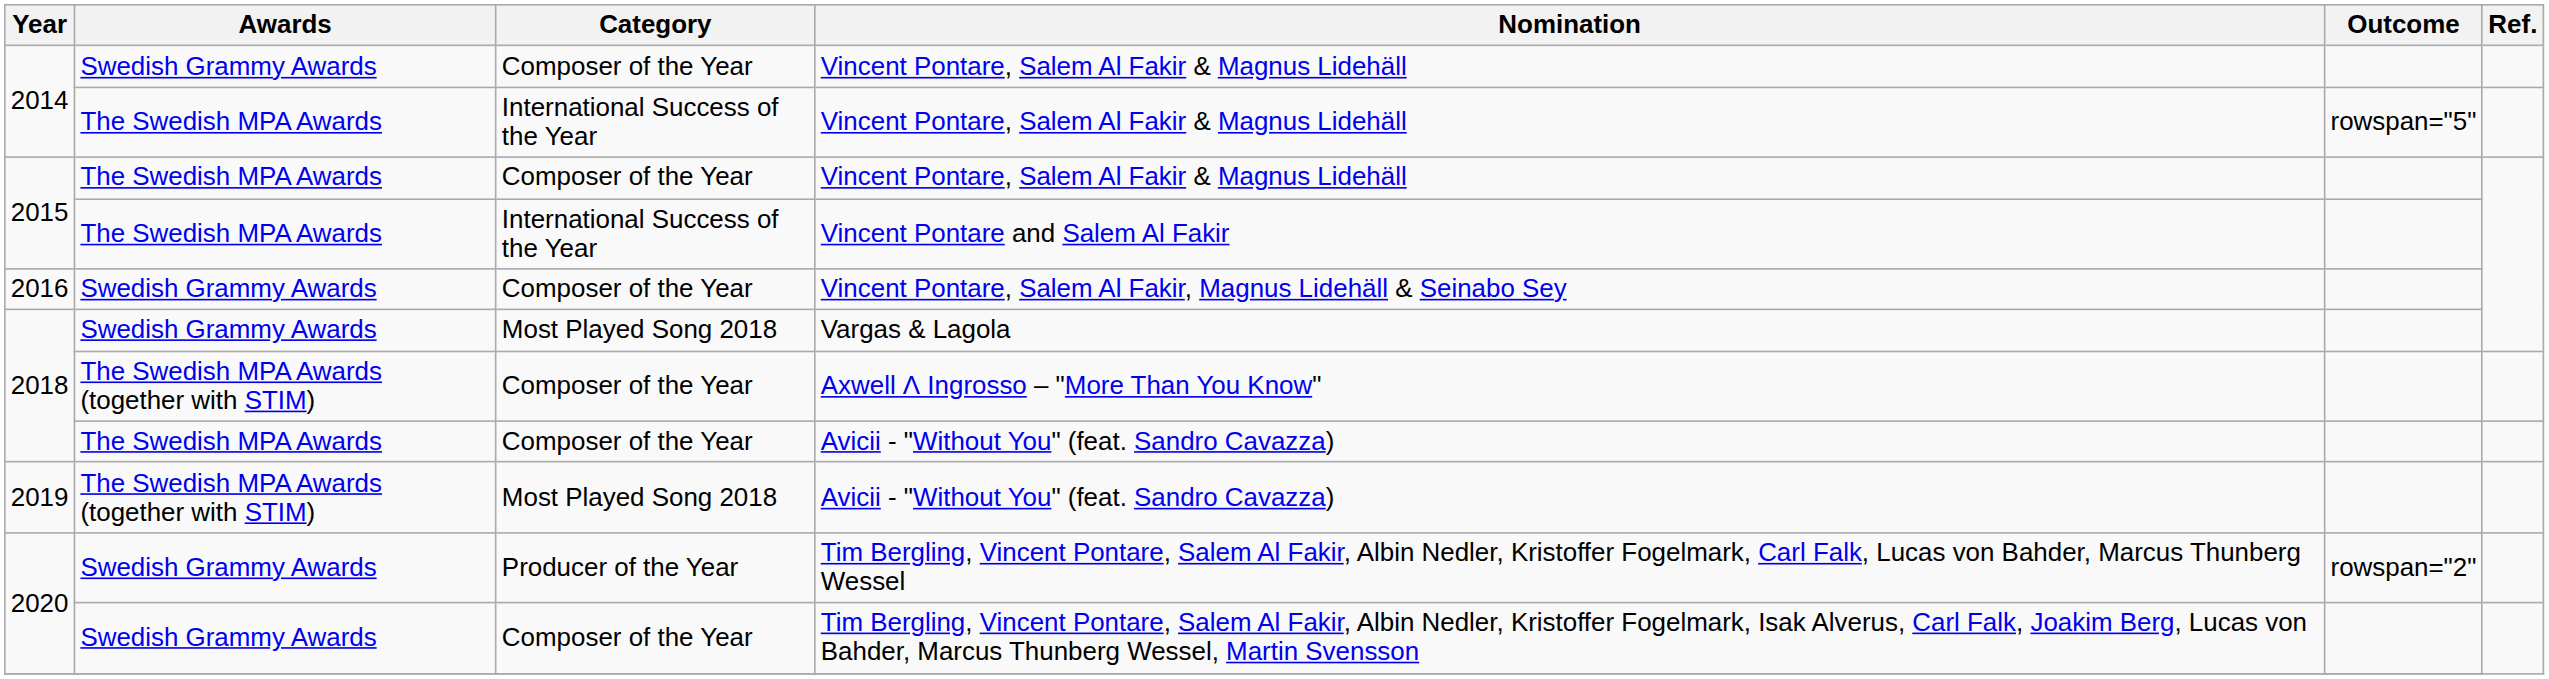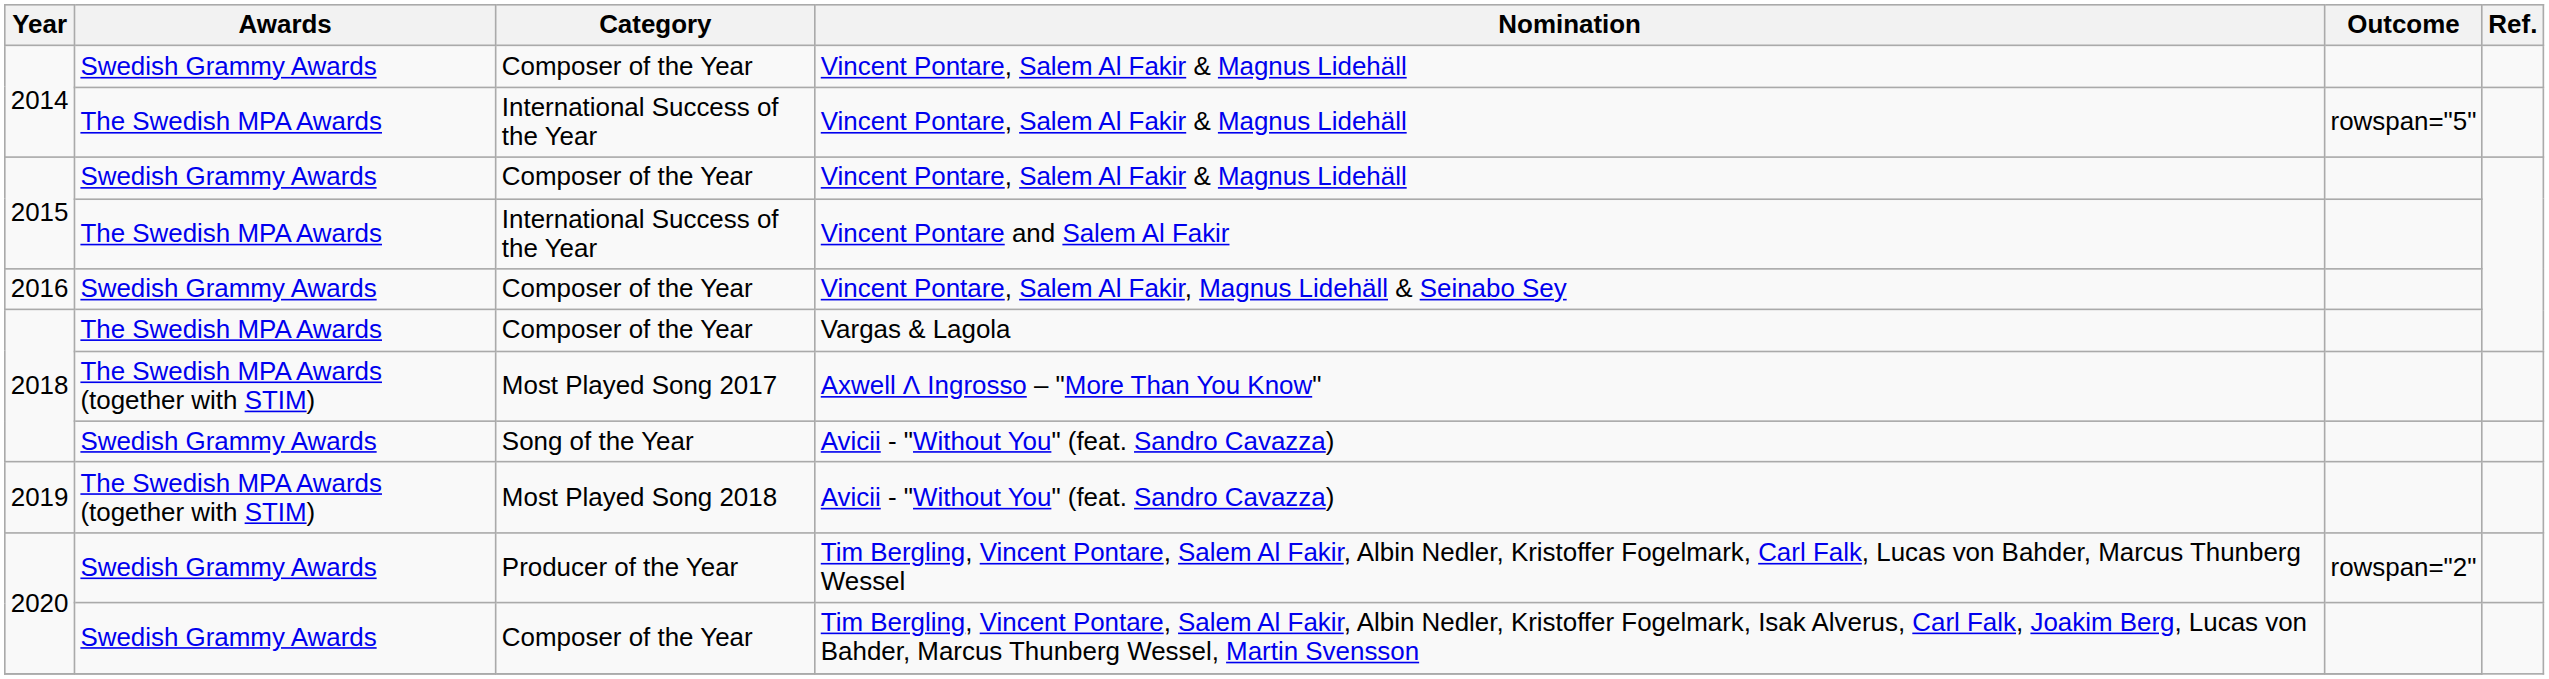 <table class="wikitable sortable">
 <tr>
 <th>Year</th>
 <th>Awards</th>
 <th>Category</th>
 <th>Nomination</th>
 <th>Outcome</th>
 <th>Ref.</th>
 </tr>
 <tr>
 <td rowspan="2">2014</td>
 <td><a href='#'>Swedish Grammy Awards</a></td>
 <td>Composer of the Year</td>
 <td><a href='#'>Vincent Pontare</a>, <a href='#'>Salem Al Fakir</a> & <a href='#'>Magnus Lidehäll</a></td>
 <td></td>
 <td></td>
 </tr>
 <tr>
 <td><a href='#'>The Swedish MPA Awards</a></td>
 <td>International Success of the Year</td>
 <td><a href='#'>Vincent Pontare</a>, <a href='#'>Salem Al Fakir</a> & <a href='#'>Magnus Lidehäll</a></td>
 <td>rowspan="5" </td>
 <td></td>
 </tr>
 <tr>
 <td rowspan="2">2015</td>
-<td><a href='#'>The Swedish MPA Awards</a></td>
+<td><a href='#'>Swedish Grammy Awards</a></td>
 <td>Composer of the Year</td>
 <td><a href='#'>Vincent Pontare</a>, <a href='#'>Salem Al Fakir</a> & <a href='#'>Magnus Lidehäll</a></td>
 <td></td>
 </tr>
 <tr>
 <td><a href='#'>The Swedish MPA Awards</a></td>
 <td>International Success of the Year</td>
 <td><a href='#'>Vincent Pontare</a> and <a href='#'>Salem Al Fakir</a></td>
 <td></td>
 </tr>
 <tr>
 <td rowspan="1">2016</td>
 <td><a href='#'>Swedish Grammy Awards</a></td>
 <td>Composer of the Year</td>
 <td><a href='#'>Vincent Pontare</a>, <a href='#'>Salem Al Fakir</a>, <a href='#'>Magnus Lidehäll</a> & <a href='#'>Seinabo Sey</a></td>
 <td></td>
 </tr>
 <tr>
 <td rowspan="3">2018</td>
-<td><a href='#'>Swedish Grammy Awards</a></td>
-<td>Most Played Song 2018</td>
+<td><a href='#'>The Swedish MPA Awards</a></td>
+<td>Composer of the Year</td>
 <td>Vargas & Lagola</td>
 <td></td>
 </tr>
 <tr>
 <td><a href='#'>The Swedish MPA Awards</a> (together with <a href='#'>STIM</a>)</td>
-<td>Composer of the Year</td>
+<td>Most Played Song 2017</td>
 <td><a href='#'>Axwell Ʌ Ingrosso</a> – "<a href='#'>More Than You Know</a>"</td>
 <td></td>
 <td></td>
 </tr>
 <tr>
-<td><a href='#'>The Swedish MPA Awards</a></td>
-<td>Composer of the Year</td>
+<td><a href='#'>Swedish Grammy Awards</a></td>
+<td>Song of the Year</td>
 <td><a href='#'>Avicii</a> - "<a href='#'>Without You</a>" (feat. <a href='#'>Sandro Cavazza</a>)</td>
 <td></td>
 <td></td>
 </tr>
 <tr>
 <td rowspan="1">2019</td>
 <td><a href='#'>The Swedish MPA Awards</a> (together with <a href='#'>STIM</a>)</td>
 <td>Most Played Song 2018</td>
 <td><a href='#'>Avicii</a> - "<a href='#'>Without You</a>" (feat. <a href='#'>Sandro Cavazza</a>)</td>
 <td></td>
 <td></td>
 </tr>
 <tr>
 <td rowspan="2">2020</td>
 <td><a href='#'>Swedish Grammy Awards</a></td>
 <td>Producer of the Year</td>
 <td><a href='#'>Tim Bergling</a>, <a href='#'>Vincent Pontare</a>, <a href='#'>Salem Al Fakir</a>, Albin Nedler, Kristoffer Fogelmark, <a href='#'>Carl Falk</a>, Lucas von Bahder, Marcus Thunberg Wessel</td>
 <td>rowspan="2" </td>
 <td></td>
 </tr>
 <tr>
 <td><a href='#'>Swedish Grammy Awards</a></td>
 <td>Composer of the Year</td>
 <td><a href='#'>Tim Bergling</a>, <a href='#'>Vincent Pontare</a>, <a href='#'>Salem Al Fakir</a>, Albin Nedler, Kristoffer Fogelmark, Isak Alverus, <a href='#'>Carl Falk</a>, <a href='#'>Joakim Berg</a>, Lucas von Bahder, Marcus Thunberg Wessel, <a href='#'>Martin Svensson</a></td>
 <td></td>
 </tr>
 <tr>
 </tr>
 </table>
